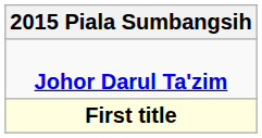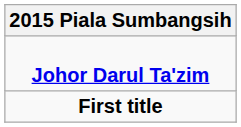 <table class="wikitable" style="text-align: center; margin: 0 auto;">
 <tr>
 <th>2015 Piala Sumbangsih</th>
 </tr>
 <tr>
 <td><br><a href='#'><strong>Johor Darul Ta'zim</strong></a></td>
 </tr>
 <tr>
-<td style="background: lightyellow;"><strong>First title</strong></td>
+<td><strong>First title</strong></td>
 </tr>
 </table>
